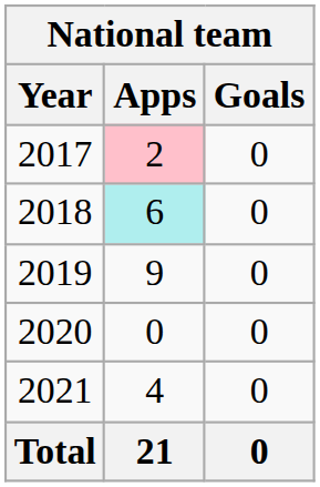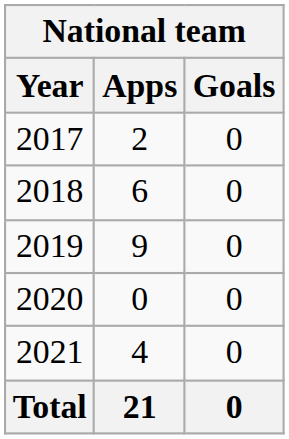 <table class="wikitable" style="text-align:center">
 <tr>
 <th colspan=3>National team</th>
 </tr>
 <tr>
 <th>Year</th>
 <th>Apps</th>
 <th>Goals</th>
 </tr>
 <tr>
 <td>2017</td>
-<td style="background: pink;">2</td>
+<td>2</td>
 <td>0</td>
 </tr>
 <tr>
 <td>2018</td>
-<td style="background: paleturquoise;">6</td>
+<td>6</td>
 <td>0</td>
 </tr>
 <tr>
 <td>2019</td>
 <td>9</td>
 <td>0</td>
 </tr>
 <tr>
 <td>2020</td>
 <td>0</td>
 <td>0</td>
 </tr>
 <tr>
 <td>2021</td>
 <td>4</td>
 <td>0</td>
 </tr>
 <tr>
 <th>Total</th>
 <th>21</th>
 <th>0</th>
 </tr>
 </table>
